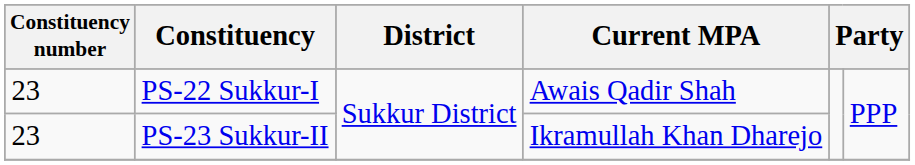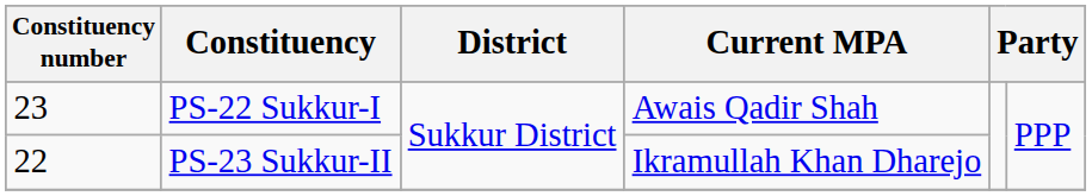 <table class="wikitable">
 <tr>
 <th width="50px" style="font-size:75%">Constituency number</th>
 <th>Constituency</th>
 <th>District</th>
 <th>Current MPA</th>
 <th colspan="2">Party</th>
 </tr>
 <tr>
 <td>23</td>
 <td><a href='#'>PS-22 Sukkur-I</a></td>
 <td rowspan="2"><a href='#'>Sukkur District</a></td>
 <td><a href='#'>Awais Qadir Shah</a></td>
 <td rowspan="2"></td>
 <td rowspan="2"><a href='#'>PPP</a></td>
 </tr>
 <tr>
-<td>23</td>
+<td>22</td>
 <td><a href='#'>PS-23 Sukkur-II</a></td>
 <td><a href='#'>Ikramullah Khan Dharejo</a></td>
 </tr>
 <tr>
 </tr>
 </table>
